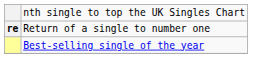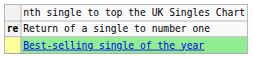 <table class="wikitable plainrowheaders" style="font-size:90%;">
 <tr>
 <th scope=col></th>
 <td>nth single to top the UK Singles Chart</td>
 </tr>
 <tr>
 <th scope=row style="text-align:center;">re</th>
 <td>Return of a single to number one</td>
 </tr>
 <tr>
 <td style="background:#ff9; text-align:center;"></td>
-<td><a href='#'>Best-selling single of the year</a></td>
+<td style="background: lightgreen;"><a href='#'>Best-selling single of the year</a></td>
 </tr>
 <tr>
 </tr>
 </table>
